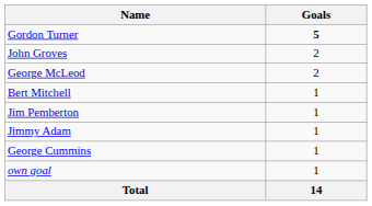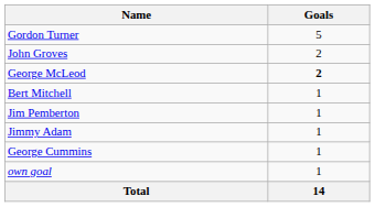 <table class="wikitable" style="font-size:90%" width=50%;>
 <tr>
 <th>Name</th>
 <th>Goals</th>
 </tr>
 <tr>
 <td><a href='#'>Gordon Turner</a></td>
-<td align="center"><strong>5</strong></td>
+<td align="center">5</td>
 </tr>
 <tr>
 <td><a href='#'>John Groves</a></td>
 <td align="center">2</td>
 </tr>
 <tr>
 <td><a href='#'>George McLeod</a></td>
-<td align="center">2</td>
+<td align="center"><strong>2</strong></td>
 </tr>
 <tr>
 <td><a href='#'>Bert Mitchell</a></td>
 <td align="center">1</td>
 </tr>
 <tr>
 <td><a href='#'>Jim Pemberton</a></td>
 <td align="center">1</td>
 </tr>
 <tr>
 <td><a href='#'>Jimmy Adam</a></td>
 <td align="center">1</td>
 </tr>
 <tr>
 <td><a href='#'>George Cummins</a></td>
 <td align="center">1</td>
 </tr>
 <tr>
 <td><em><a href='#'>own goal</a></em></td>
 <td align="center">1</td>
 </tr>
 <tr>
 <th>Total</th>
 <th>14</th>
 </tr>
 </table>
